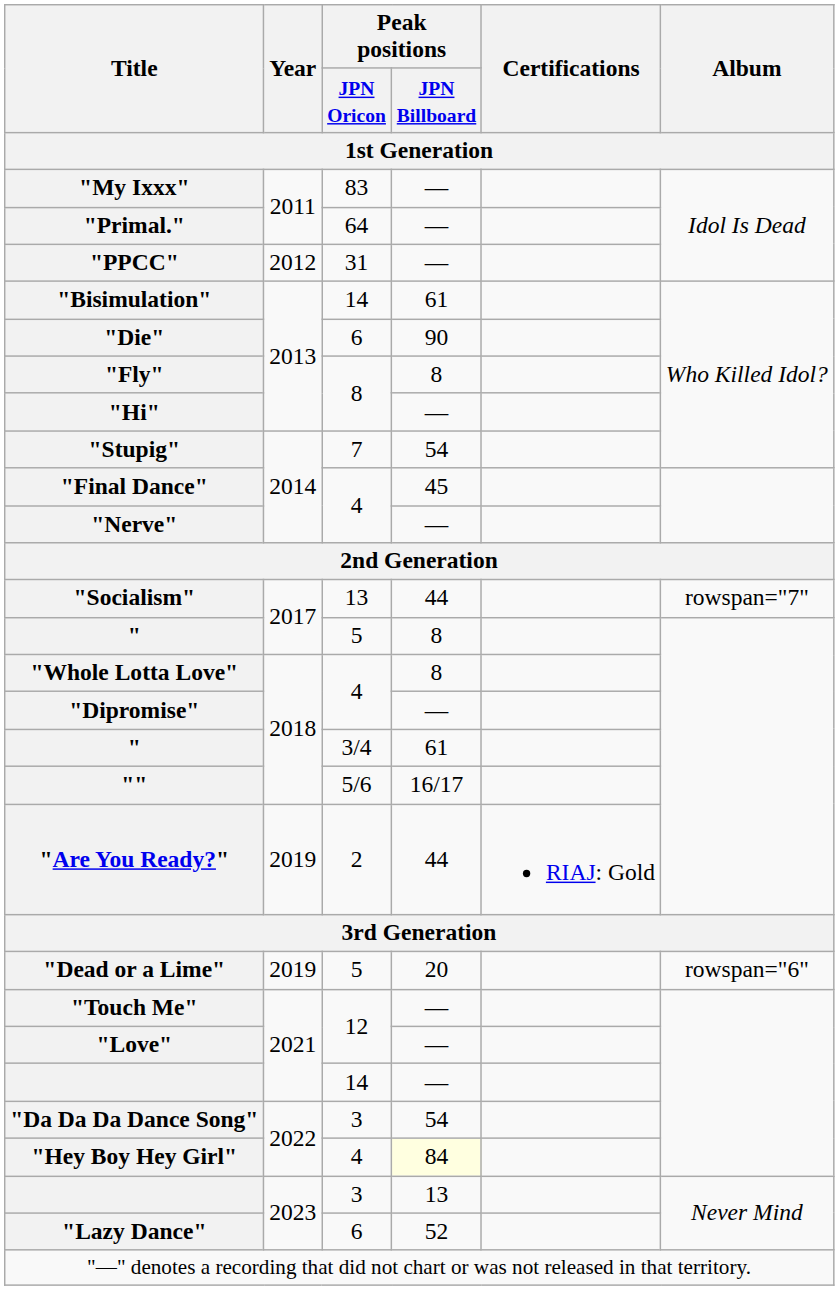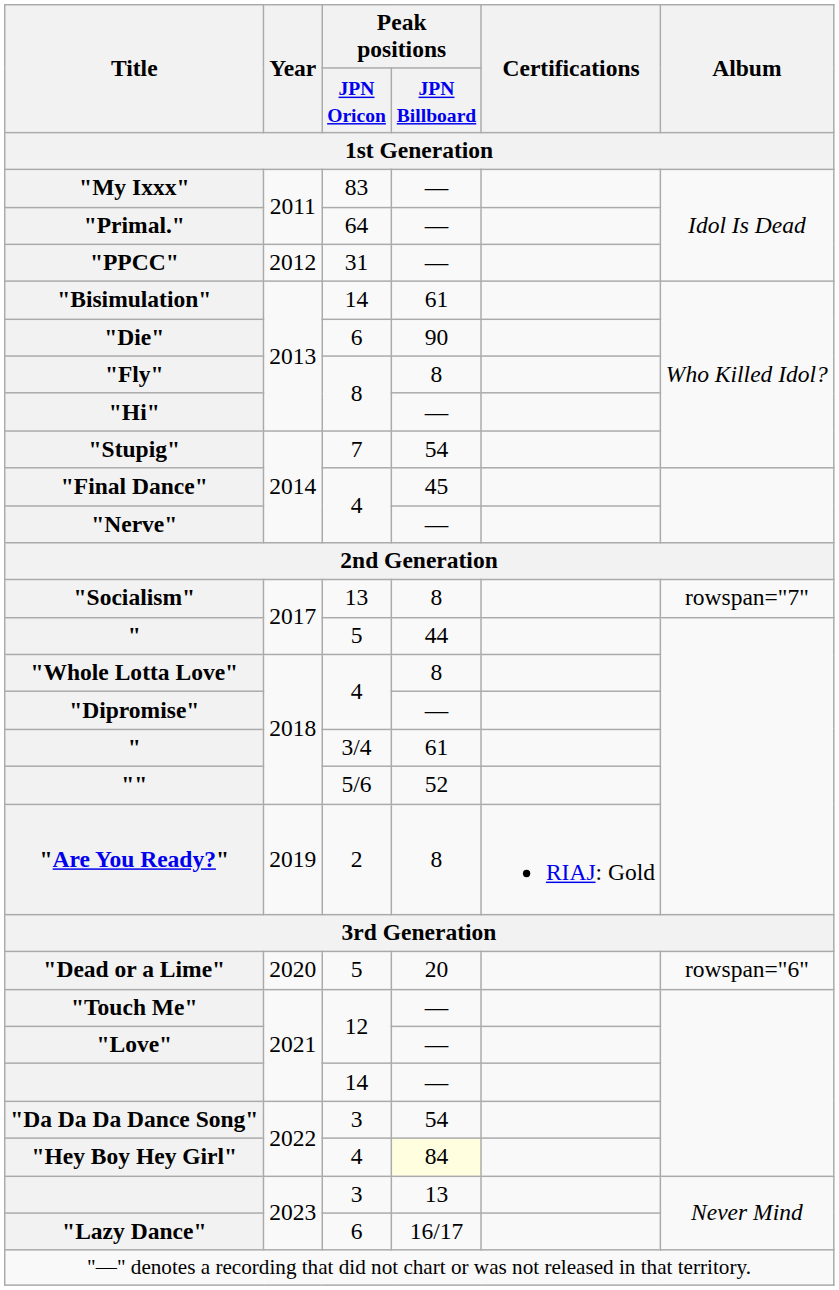 <table class="wikitable plainrowheaders" style="text-align:center;">
 <tr>
 <th scope="col" rowspan="2">Title</th>
 <th scope="col" rowspan="2">Year</th>
 <th scope="col" colspan="2">Peak <br> positions</th>
 <th scope="col" rowspan="2">Certifications</th>
 <th scope="col" rowspan="2">Album</th>
 </tr>
 <tr>
 <th scope="col" colspan="1"><small><a href='#'>JPN<br>Oricon</a></small><br></th>
 <th scope="col"><small><a href='#'>JPN<br>Billboard</a></small><br></th>
 </tr>
 <tr>
 <th scope="col" colspan="6">1st Generation</th>
 </tr>
 <tr>
 <th scope="row">"My Ixxx"</th>
 <td rowspan="2">2011</td>
 <td>83</td>
 <td>—</td>
 <td></td>
 <td rowspan="3"><em>Idol Is Dead</em></td>
 </tr>
 <tr>
 <th scope="row">"Primal."</th>
 <td>64</td>
 <td>—</td>
 <td></td>
 </tr>
 <tr>
 <th scope="row">"PPCC"</th>
 <td>2012</td>
 <td>31</td>
 <td>—</td>
 <td></td>
 </tr>
 <tr>
 <th scope="row">"Bisimulation"</th>
 <td rowspan="4">2013</td>
 <td>14</td>
 <td>61</td>
 <td></td>
 <td rowspan="5"><em>Who Killed Idol?</em></td>
 </tr>
 <tr>
 <th scope="row">"Die"</th>
 <td>6</td>
 <td>90</td>
 <td></td>
 </tr>
 <tr>
 <th scope="row">"Fly"</th>
 <td rowspan="2">8</td>
 <td>8</td>
 <td></td>
 </tr>
 <tr>
 <th scope="row">"Hi"</th>
 <td>—</td>
 <td></td>
 </tr>
 <tr>
 <th scope="row">"Stupig"</th>
 <td rowspan="3">2014</td>
 <td>7</td>
 <td>54</td>
 <td></td>
 </tr>
 <tr>
 <th scope="row">"Final Dance"</th>
 <td rowspan="2">4</td>
 <td>45</td>
 <td></td>
 <td rowspan="2"><em></em></td>
 </tr>
 <tr>
 <th scope="row">"Nerve"</th>
 <td>—</td>
 <td></td>
 </tr>
 <tr>
 <th scope="col" colspan="6">2nd Generation</th>
 </tr>
 <tr>
 <th scope="row">"Socialism"</th>
 <td rowspan="2">2017</td>
 <td>13</td>
-<td>44</td>
+<td>8</td>
 <td></td>
 <td>rowspan="7" </td>
 </tr>
 <tr>
 <th scope="row">"</th>
 <td>5</td>
-<td>8</td>
+<td>44</td>
 <td></td>
 </tr>
 <tr>
 <th scope="row">"Whole Lotta Love"</th>
 <td rowspan="4">2018</td>
 <td rowspan="2">4</td>
 <td>8</td>
 <td></td>
 </tr>
 <tr>
 <th scope="row">"Dipromise"</th>
 <td>—</td>
 <td></td>
 </tr>
 <tr>
 <th scope="row">"</th>
 <td>3/4</td>
 <td>61</td>
 <td></td>
 </tr>
 <tr>
 <th scope="row">""</th>
 <td>5/6</td>
-<td>16/17</td>
+<td>52</td>
 <td></td>
 </tr>
 <tr>
 <th scope="row">"<a href='#'>Are You Ready?</a>"</th>
 <td>2019</td>
 <td>2</td>
-<td>44</td>
+<td>8</td>
 <td><br><ul><li><a href='#'>RIAJ</a>: Gold</li></ul></td>
 </tr>
 <tr>
 <th scope="col" colspan="6">3rd Generation</th>
 </tr>
 <tr>
 <th scope="row">"Dead or a Lime"</th>
-<td>2019</td>
+<td>2020</td>
 <td>5</td>
 <td>20</td>
 <td></td>
 <td>rowspan="6" </td>
 </tr>
 <tr>
 <th scope="row">"Touch Me"</th>
 <td rowspan="3">2021</td>
 <td rowspan="2">12</td>
 <td>—</td>
 <td></td>
 </tr>
 <tr>
 <th scope="row">"Love"</th>
 <td>—</td>
 <td></td>
 </tr>
 <tr>
 <th scope="row"></th>
 <td>14</td>
 <td>—</td>
 <td></td>
 </tr>
 <tr>
 <th scope="row">"Da Da Da Dance Song"</th>
 <td rowspan="2">2022</td>
 <td>3</td>
 <td>54</td>
 <td></td>
 </tr>
 <tr>
 <th scope="row">"Hey Boy Hey Girl"</th>
 <td>4</td>
 <td style="background: lightyellow;">84</td>
 <td></td>
 </tr>
 <tr>
 <th scope="row"></th>
 <td rowspan="2">2023</td>
 <td>3</td>
 <td>13</td>
 <td></td>
 <td rowspan="2"><em>Never Mind</em></td>
 </tr>
 <tr>
 <th scope="row">"Lazy Dance"</th>
 <td>6</td>
-<td>52</td>
+<td>16/17</td>
 <td></td>
 </tr>
 <tr>
 <td align="center" colspan="6" style="font-size:90%">"—" denotes a recording that did not chart or was not released in that territory.</td>
 </tr>
 </table>
